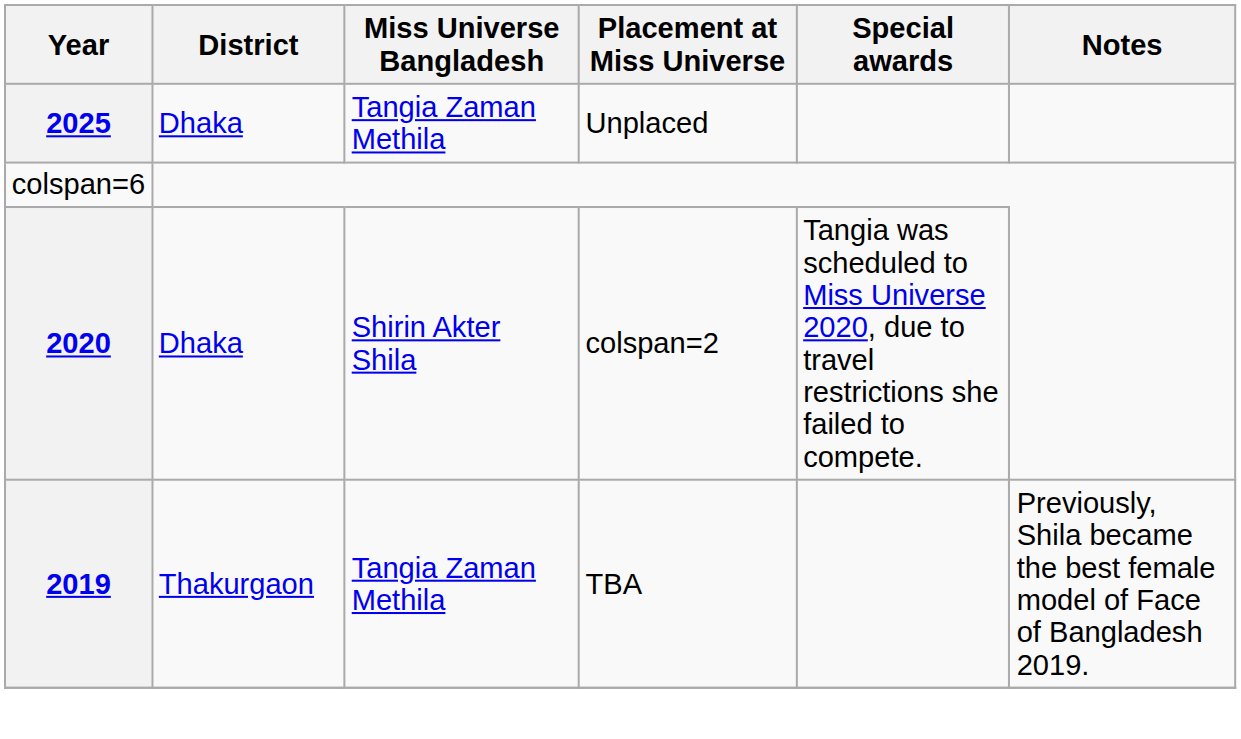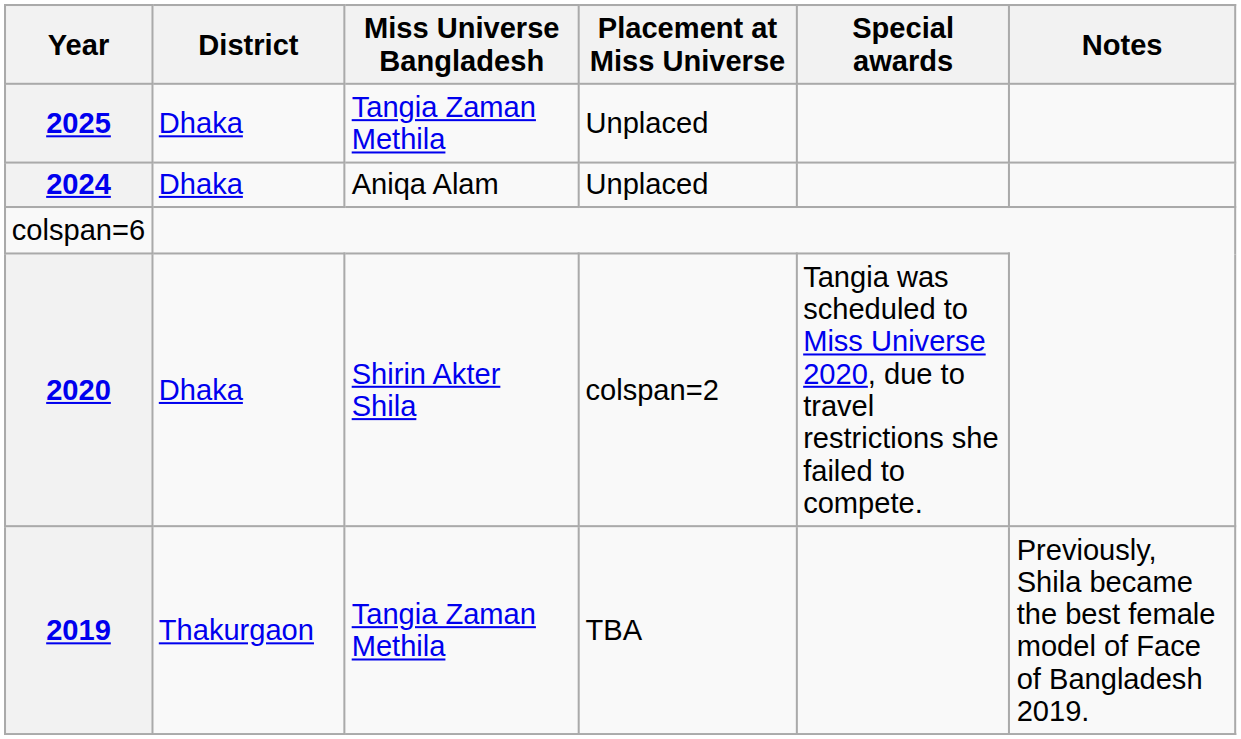 <table class="wikitable " style="font-size: 90%;">
 <tr>
 <th width="60">Year</th>
 <th width="150">District</th>
 <th width="250">Miss Universe Bangladesh</th>
 <th width="250">Placement at Miss Universe</th>
 <th width="250">Special awards</th>
 <th width="250">Notes</th>
 </tr>
 <tr>
 <th><a href='#'>2025</a></th>
 <td><a href='#'>Dhaka</a></td>
 <td><a href='#'>Tangia Zaman Methila</a></td>
+<td>Unplaced</td>
+<td></td>
+<td></td>
+</tr>
+<tr>
+<th><a href='#'>2024</a></th>
+<td><a href='#'>Dhaka</a></td>
+<td>Aniqa Alam</td>
 <td>Unplaced</td>
 <td></td>
 <td></td>
 </tr>
 <tr>
 <td>colspan=6 </td>
 </tr>
 <tr>
 <th><a href='#'>2020</a></th>
 <td><a href='#'>Dhaka</a></td>
 <td><a href='#'>Shirin Akter Shila</a></td>
 <td>colspan=2 </td>
 <td>Tangia was scheduled to <a href='#'>Miss Universe 2020</a>, due to travel restrictions she failed to compete.</td>
 </tr>
 <tr>
 <th><a href='#'>2019</a></th>
 <td><a href='#'>Thakurgaon</a></td>
 <td><a href='#'>Tangia Zaman Methila</a></td>
 <td>TBA</td>
 <td></td>
 <td>Previously, Shila became the best female model of Face of Bangladesh 2019.</td>
 </tr>
 <tr>
 </tr>
 </table>
